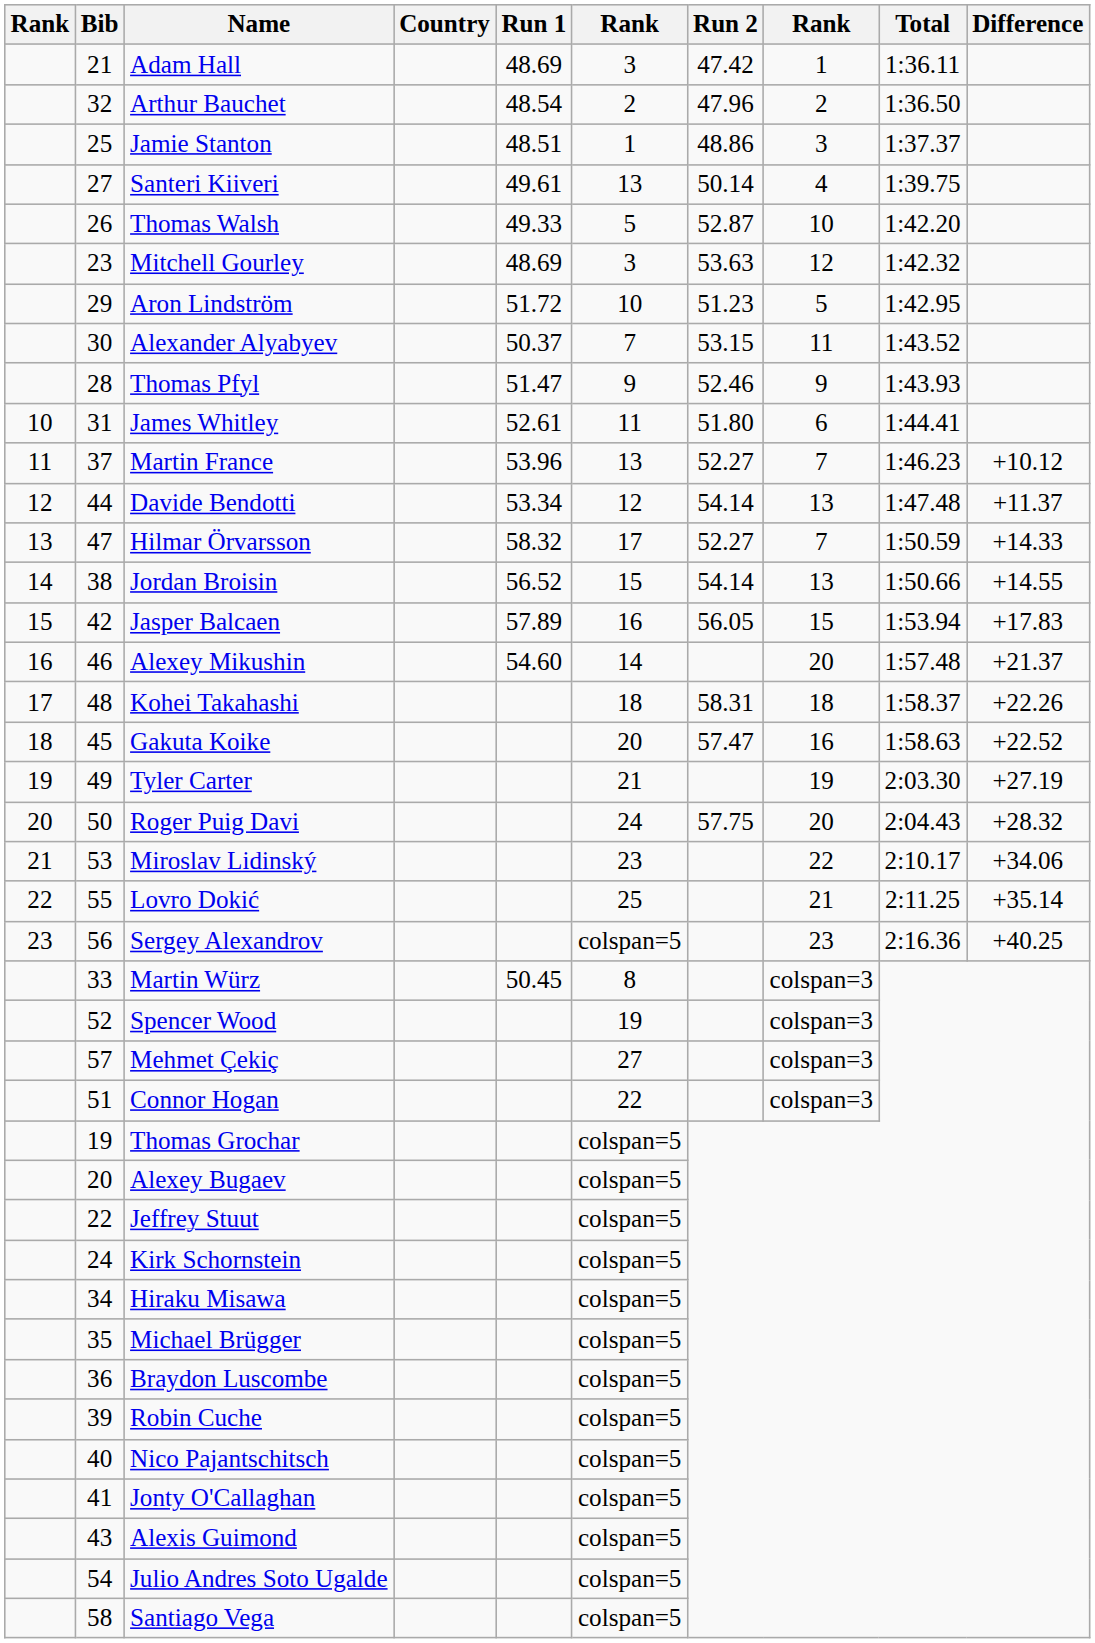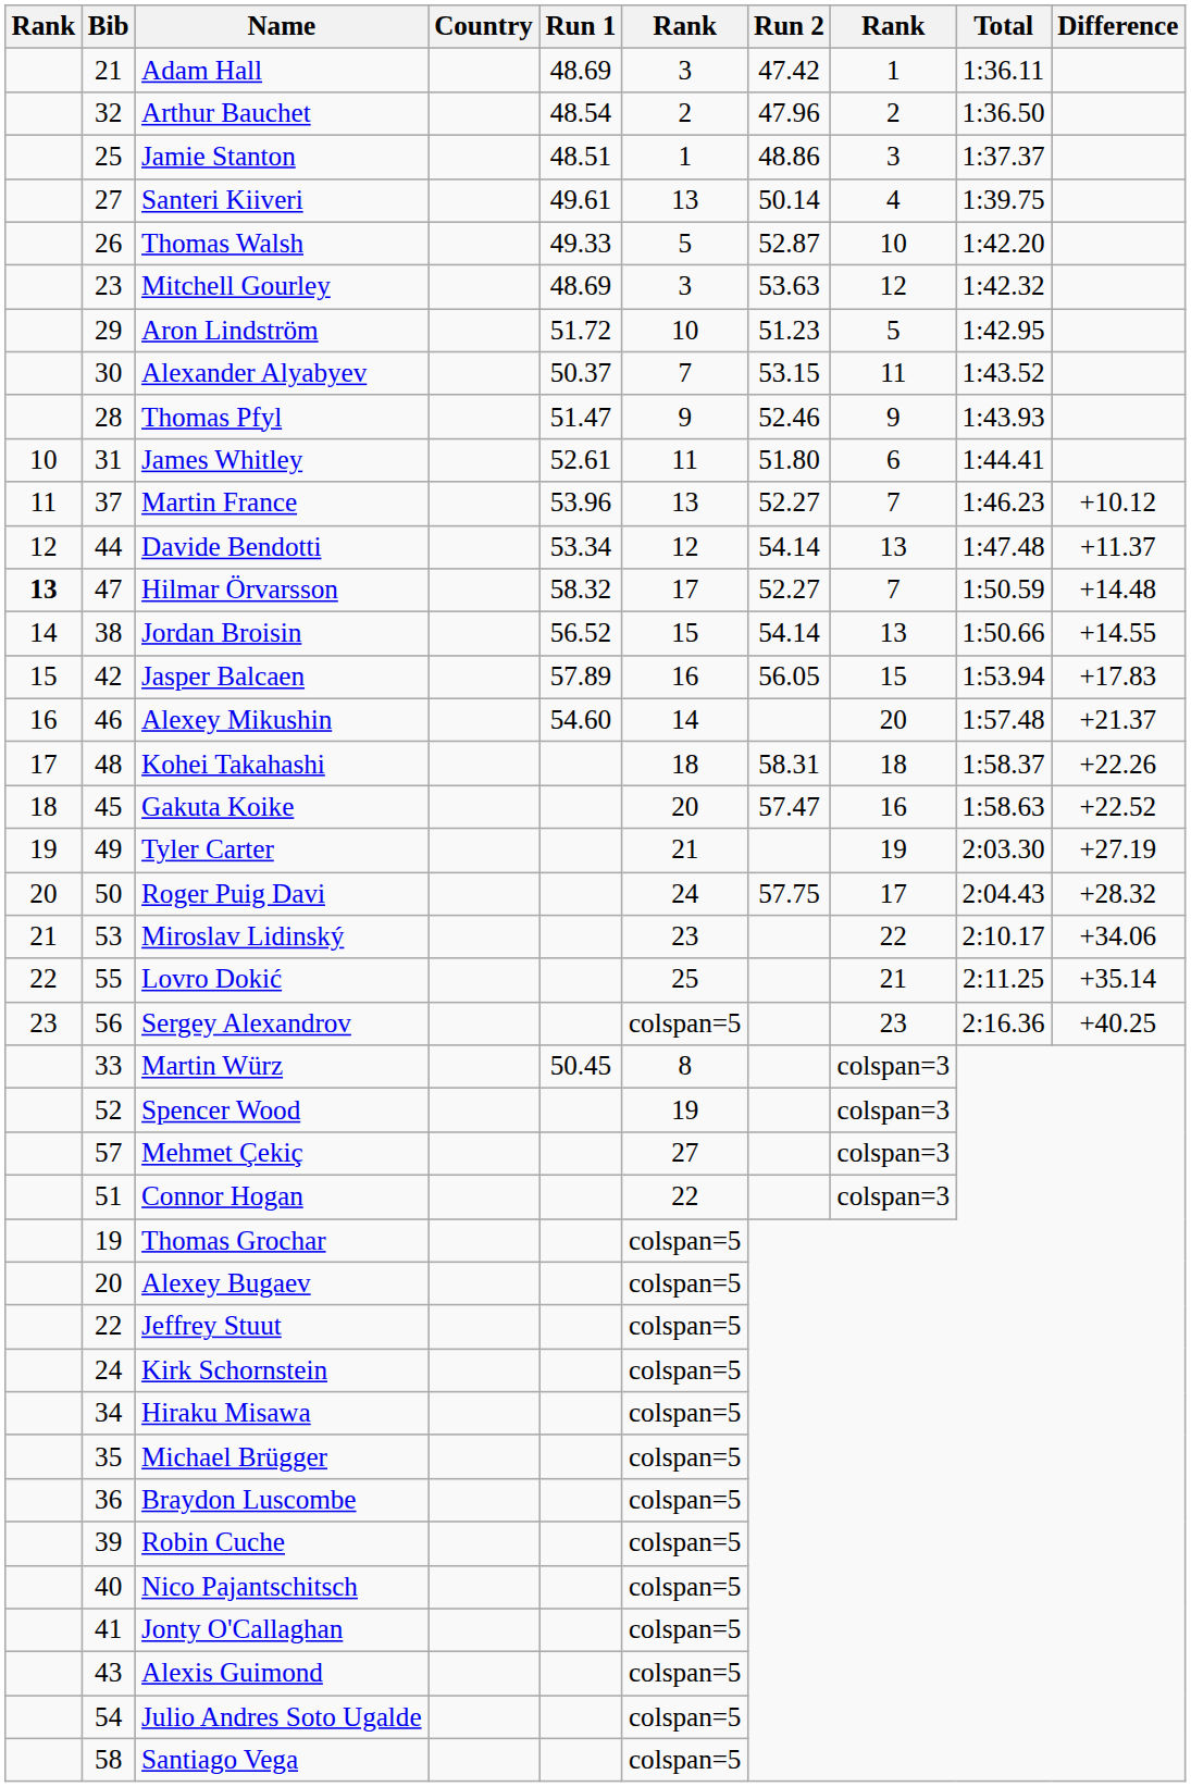 <table class="wikitable sortable" style="text-align:center">
 <tr>
 <th>Rank</th>
 <th>Bib</th>
 <th>Name</th>
 <th>Country</th>
 <th>Run 1</th>
 <th>Rank</th>
 <th>Run 2</th>
 <th>Rank</th>
 <th>Total</th>
 <th>Difference</th>
 </tr>
 <tr>
 <td></td>
 <td>21</td>
 <td align="left"><a href='#'>Adam Hall</a></td>
 <td align="left"></td>
 <td>48.69</td>
 <td>3</td>
 <td>47.42</td>
 <td>1</td>
 <td>1:36.11</td>
 <td></td>
 </tr>
 <tr>
 <td></td>
 <td>32</td>
 <td align="left"><a href='#'>Arthur Bauchet</a></td>
 <td align="left"></td>
 <td>48.54</td>
 <td>2</td>
 <td>47.96</td>
 <td>2</td>
 <td>1:36.50</td>
 <td></td>
 </tr>
 <tr>
 <td></td>
 <td>25</td>
 <td align="left"><a href='#'>Jamie Stanton</a></td>
 <td align="left"></td>
 <td>48.51</td>
 <td>1</td>
 <td>48.86</td>
 <td>3</td>
 <td>1:37.37</td>
 <td></td>
 </tr>
 <tr>
 <td></td>
 <td>27</td>
 <td align="left"><a href='#'>Santeri Kiiveri</a></td>
 <td align="left"></td>
 <td>49.61</td>
 <td>13</td>
 <td>50.14</td>
 <td>4</td>
 <td>1:39.75</td>
 <td></td>
 </tr>
 <tr>
 <td></td>
 <td>26</td>
 <td align="left"><a href='#'>Thomas Walsh</a></td>
 <td align="left"></td>
 <td>49.33</td>
 <td>5</td>
 <td>52.87</td>
 <td>10</td>
 <td>1:42.20</td>
 <td></td>
 </tr>
 <tr>
 <td></td>
 <td>23</td>
 <td align="left"><a href='#'>Mitchell Gourley</a></td>
 <td align="left"></td>
 <td>48.69</td>
 <td>3</td>
 <td>53.63</td>
 <td>12</td>
 <td>1:42.32</td>
 <td></td>
 </tr>
 <tr>
 <td></td>
 <td>29</td>
 <td align="left"><a href='#'>Aron Lindström</a></td>
 <td align="left"></td>
 <td>51.72</td>
 <td>10</td>
 <td>51.23</td>
 <td>5</td>
 <td>1:42.95</td>
 <td></td>
 </tr>
 <tr>
 <td></td>
 <td>30</td>
 <td align="left"><a href='#'>Alexander Alyabyev</a></td>
 <td align="left"></td>
 <td>50.37</td>
 <td>7</td>
 <td>53.15</td>
 <td>11</td>
 <td>1:43.52</td>
 <td></td>
 </tr>
 <tr>
 <td></td>
 <td>28</td>
 <td align="left"><a href='#'>Thomas Pfyl</a></td>
 <td align="left"></td>
 <td>51.47</td>
 <td>9</td>
 <td>52.46</td>
 <td>9</td>
 <td>1:43.93</td>
 <td></td>
 </tr>
 <tr>
 <td>10</td>
 <td>31</td>
 <td align="left"><a href='#'>James Whitley</a></td>
 <td align="left"></td>
 <td>52.61</td>
 <td>11</td>
 <td>51.80</td>
 <td>6</td>
 <td>1:44.41</td>
 <td></td>
 </tr>
 <tr>
 <td>11</td>
 <td>37</td>
 <td align="left"><a href='#'>Martin France</a></td>
 <td align="left"></td>
 <td>53.96</td>
 <td>13</td>
 <td>52.27</td>
 <td>7</td>
 <td>1:46.23</td>
 <td>+10.12</td>
 </tr>
 <tr>
 <td>12</td>
 <td>44</td>
 <td align="left"><a href='#'>Davide Bendotti</a></td>
 <td align="left"></td>
 <td>53.34</td>
 <td>12</td>
 <td>54.14</td>
 <td>13</td>
 <td>1:47.48</td>
 <td>+11.37</td>
 </tr>
 <tr>
-<td>13</td>
+<td><strong>13</strong></td>
 <td>47</td>
 <td align="left"><a href='#'>Hilmar Örvarsson</a></td>
 <td align="left"></td>
 <td>58.32</td>
 <td>17</td>
 <td>52.27</td>
 <td>7</td>
 <td>1:50.59</td>
-<td>+14.33</td>
+<td>+14.48</td>
 </tr>
 <tr>
 <td>14</td>
 <td>38</td>
 <td align="left"><a href='#'>Jordan Broisin</a></td>
 <td align="left"></td>
 <td>56.52</td>
 <td>15</td>
 <td>54.14</td>
 <td>13</td>
 <td>1:50.66</td>
 <td>+14.55</td>
 </tr>
 <tr>
 <td>15</td>
 <td>42</td>
 <td align="left"><a href='#'>Jasper Balcaen</a></td>
 <td align="left"></td>
 <td>57.89</td>
 <td>16</td>
 <td>56.05</td>
 <td>15</td>
 <td>1:53.94</td>
 <td>+17.83</td>
 </tr>
 <tr>
 <td>16</td>
 <td>46</td>
 <td align="left"><a href='#'>Alexey Mikushin</a></td>
 <td align="left"></td>
 <td>54.60</td>
 <td>14</td>
 <td></td>
 <td>20</td>
 <td>1:57.48</td>
 <td>+21.37</td>
 </tr>
 <tr>
 <td>17</td>
 <td>48</td>
 <td align="left"><a href='#'>Kohei Takahashi</a></td>
 <td align="left"></td>
 <td></td>
 <td>18</td>
 <td>58.31</td>
 <td>18</td>
 <td>1:58.37</td>
 <td>+22.26</td>
 </tr>
 <tr>
 <td>18</td>
 <td>45</td>
 <td align="left"><a href='#'>Gakuta Koike</a></td>
 <td align="left"></td>
 <td></td>
 <td>20</td>
 <td>57.47</td>
 <td>16</td>
 <td>1:58.63</td>
 <td>+22.52</td>
 </tr>
 <tr>
 <td>19</td>
 <td>49</td>
 <td align="left"><a href='#'>Tyler Carter</a></td>
 <td align="left"></td>
 <td></td>
 <td>21</td>
 <td></td>
 <td>19</td>
 <td>2:03.30</td>
 <td>+27.19</td>
 </tr>
 <tr>
 <td>20</td>
 <td>50</td>
 <td align="left"><a href='#'>Roger Puig Davi</a></td>
 <td align="left"></td>
 <td></td>
 <td>24</td>
 <td>57.75</td>
-<td>20</td>
+<td>17</td>
 <td>2:04.43</td>
 <td>+28.32</td>
 </tr>
 <tr>
 <td>21</td>
 <td>53</td>
 <td align="left"><a href='#'>Miroslav Lidinský</a></td>
 <td align="left"></td>
 <td></td>
 <td>23</td>
 <td></td>
 <td>22</td>
 <td>2:10.17</td>
 <td>+34.06</td>
 </tr>
 <tr>
 <td>22</td>
 <td>55</td>
 <td align="left"><a href='#'>Lovro Dokić</a></td>
 <td align="left"></td>
 <td></td>
 <td>25</td>
 <td></td>
 <td>21</td>
 <td>2:11.25</td>
 <td>+35.14</td>
 </tr>
 <tr>
 <td>23</td>
 <td>56</td>
 <td align="left"><a href='#'>Sergey Alexandrov</a></td>
 <td align="left"></td>
 <td></td>
 <td>colspan=5 </td>
 <td></td>
 <td>23</td>
 <td>2:16.36</td>
 <td>+40.25</td>
 </tr>
 <tr>
 <td></td>
 <td>33</td>
 <td align="left"><a href='#'>Martin Würz</a></td>
 <td align="left"></td>
 <td>50.45</td>
 <td>8</td>
 <td></td>
 <td>colspan=3 </td>
 </tr>
 <tr>
 <td></td>
 <td>52</td>
 <td align="left"><a href='#'>Spencer Wood</a></td>
 <td align="left"></td>
 <td></td>
 <td>19</td>
 <td></td>
 <td>colspan=3 </td>
 </tr>
 <tr>
 <td></td>
 <td>57</td>
 <td align="left"><a href='#'>Mehmet Çekiç</a></td>
 <td align="left"></td>
 <td></td>
 <td>27</td>
 <td></td>
 <td>colspan=3 </td>
 </tr>
 <tr>
 <td></td>
 <td>51</td>
 <td align="left"><a href='#'>Connor Hogan</a></td>
 <td align="left"></td>
 <td></td>
 <td>22</td>
 <td></td>
 <td>colspan=3 </td>
 </tr>
 <tr>
 <td></td>
 <td>19</td>
 <td align="left"><a href='#'>Thomas Grochar</a></td>
 <td align="left"></td>
 <td></td>
 <td>colspan=5 </td>
 </tr>
 <tr>
 <td></td>
 <td>20</td>
 <td align="left"><a href='#'>Alexey Bugaev</a></td>
 <td align="left"></td>
 <td></td>
 <td>colspan=5 </td>
 </tr>
 <tr>
 <td></td>
 <td>22</td>
 <td align="left"><a href='#'>Jeffrey Stuut</a></td>
 <td align="left"></td>
 <td></td>
 <td>colspan=5 </td>
 </tr>
 <tr>
 <td></td>
 <td>24</td>
 <td align="left"><a href='#'>Kirk Schornstein</a></td>
 <td align="left"></td>
 <td></td>
 <td>colspan=5 </td>
 </tr>
 <tr>
 <td></td>
 <td>34</td>
 <td align="left"><a href='#'>Hiraku Misawa</a></td>
 <td align="left"></td>
 <td></td>
 <td>colspan=5 </td>
 </tr>
 <tr>
 <td></td>
 <td>35</td>
 <td align="left"><a href='#'>Michael Brügger</a></td>
 <td align="left"></td>
 <td></td>
 <td>colspan=5 </td>
 </tr>
 <tr>
 <td></td>
 <td>36</td>
 <td align="left"><a href='#'>Braydon Luscombe</a></td>
 <td align="left"></td>
 <td></td>
 <td>colspan=5 </td>
 </tr>
 <tr>
 <td></td>
 <td>39</td>
 <td align="left"><a href='#'>Robin Cuche</a></td>
 <td align="left"></td>
 <td></td>
 <td>colspan=5 </td>
 </tr>
 <tr>
 <td></td>
 <td>40</td>
 <td align="left"><a href='#'>Nico Pajantschitsch</a></td>
 <td align="left"></td>
 <td></td>
 <td>colspan=5 </td>
 </tr>
 <tr>
 <td></td>
 <td>41</td>
 <td align="left"><a href='#'>Jonty O'Callaghan</a></td>
 <td align="left"></td>
 <td></td>
 <td>colspan=5 </td>
 </tr>
 <tr>
 <td></td>
 <td>43</td>
 <td align="left"><a href='#'>Alexis Guimond</a></td>
 <td align="left"></td>
 <td></td>
 <td>colspan=5 </td>
 </tr>
 <tr>
 <td></td>
 <td>54</td>
 <td align="left"><a href='#'>Julio Andres Soto Ugalde</a></td>
 <td align="left"></td>
 <td></td>
 <td>colspan=5 </td>
 </tr>
 <tr>
 <td></td>
 <td>58</td>
 <td align="left"><a href='#'>Santiago Vega</a></td>
 <td align="left"></td>
 <td></td>
 <td>colspan=5 </td>
 </tr>
 </table>
